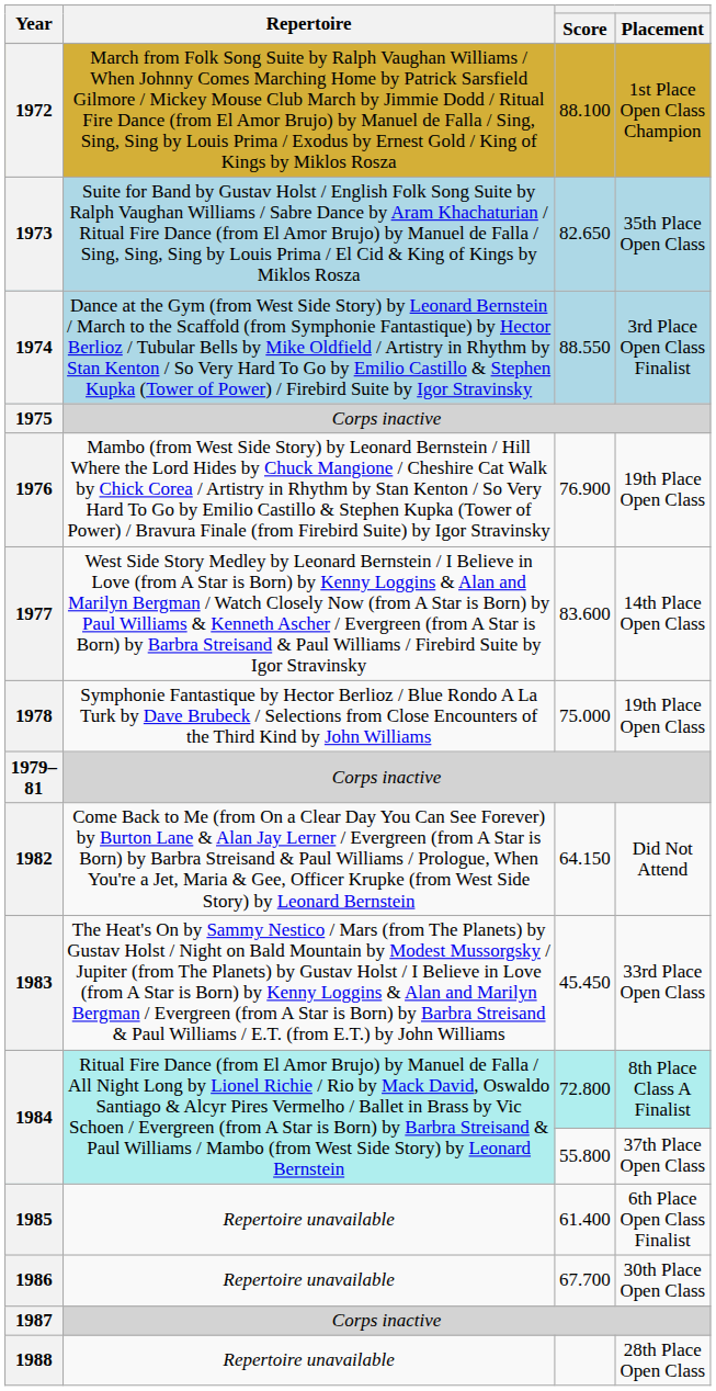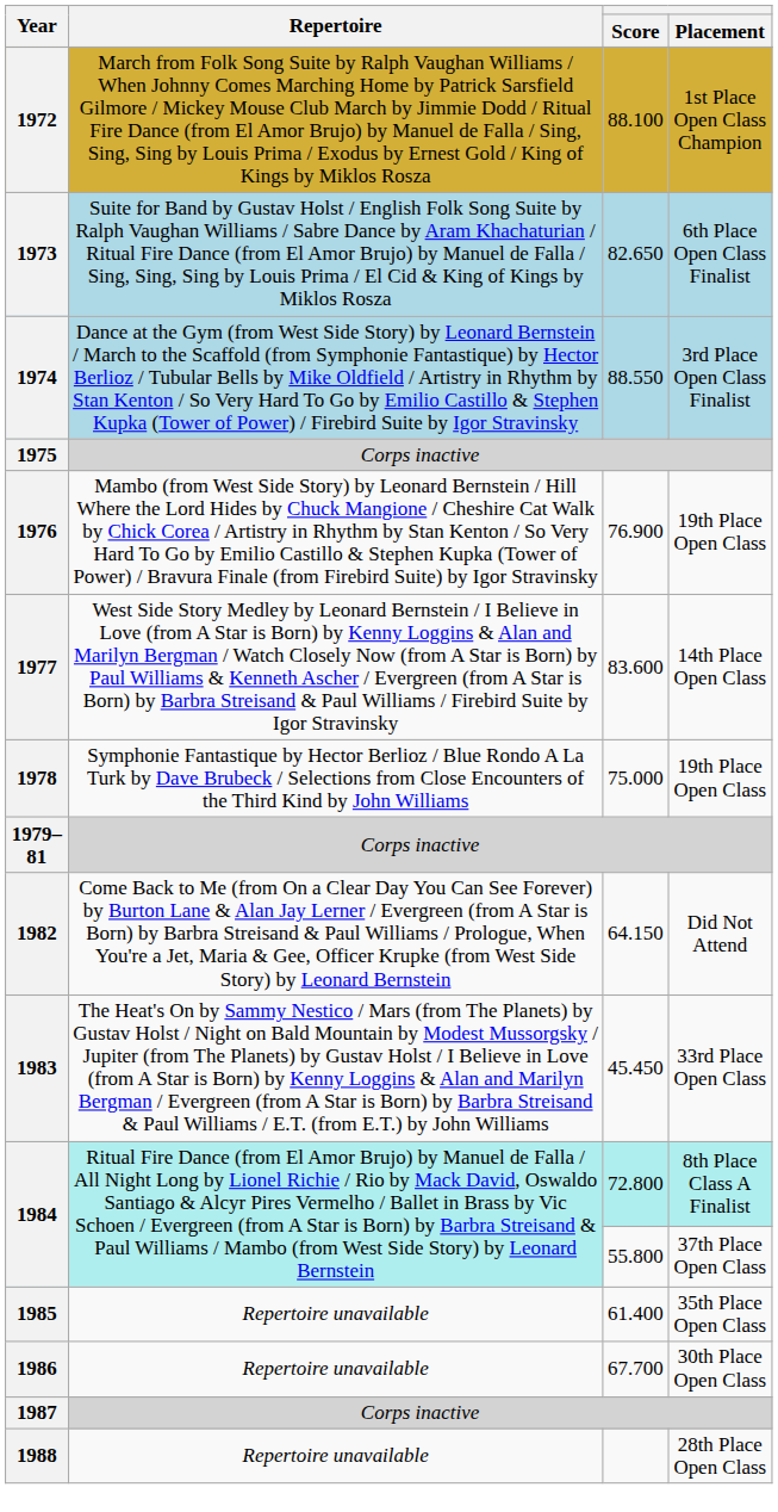 <table class="wikitable" style="text-align: center">
 <tr>
 <th scope="col" rowspan="2">Year</th>
 <th scope="col" rowspan="2">Repertoire</th>
 <th scope="col" colspan="2"></th>
 </tr>
 <tr>
 <th scope="col">Score</th>
 <th scope="col">Placement</th>
 </tr>
 <tr>
 </tr>
 <tr bgcolor=#D4AF37>
 <th scope="row">1972</th>
 <td>March from Folk Song Suite by Ralph Vaughan Williams / When Johnny Comes Marching Home by Patrick Sarsfield Gilmore / Mickey Mouse Club March by Jimmie Dodd / Ritual Fire Dance (from El Amor Brujo) by Manuel de Falla / Sing, Sing, Sing by Louis Prima / Exodus by Ernest Gold / King of Kings by Miklos Rosza</td>
 <td>88.100</td>
 <td>1st Place<br>Open Class<br>Champion</td>
 </tr>
 <tr bgcolor =#ADD8E6>
 <th scope="row">1973</th>
 <td>Suite for Band by Gustav Holst / English Folk Song Suite by Ralph Vaughan Williams / Sabre Dance by <a href='#'>Aram Khachaturian</a> / Ritual Fire Dance (from El Amor Brujo) by Manuel de Falla / Sing, Sing, Sing by Louis Prima / El Cid & King of Kings by Miklos Rosza</td>
 <td>82.650</td>
-<td>35th Place<br>Open Class</td>
+<td>6th Place<br>Open Class<br>Finalist</td>
 </tr>
 <tr bgcolor =#ADD8E6>
 <th scope="row">1974</th>
 <td>Dance at the Gym (from West Side Story) by <a href='#'>Leonard Bernstein</a> / March to the Scaffold (from Symphonie Fantastique) by <a href='#'>Hector Berlioz</a> / Tubular Bells by <a href='#'>Mike Oldfield</a> / Artistry in Rhythm by <a href='#'>Stan Kenton</a> / So Very Hard To Go by <a href='#'>Emilio Castillo</a> & <a href='#'>Stephen Kupka</a> (<a href='#'>Tower of Power</a>) / Firebird Suite by <a href='#'>Igor Stravinsky</a></td>
 <td>88.550</td>
 <td>3rd Place<br>Open Class<br>Finalist</td>
 </tr>
 <tr>
 <th scope="row">1975</th>
 <td colspan="3" bgcolor="lightgray"><em>Corps inactive</em></td>
 </tr>
 <tr>
 <th scope="row">1976</th>
 <td>Mambo (from West Side Story) by Leonard Bernstein / Hill Where the Lord Hides by <a href='#'>Chuck Mangione</a> / Cheshire Cat Walk by <a href='#'>Chick Corea</a> / Artistry in Rhythm by Stan Kenton / So Very Hard To Go by Emilio Castillo & Stephen Kupka (Tower of Power) / Bravura Finale (from Firebird Suite) by Igor Stravinsky</td>
 <td>76.900</td>
 <td>19th Place<br>Open Class</td>
 </tr>
 <tr>
 <th scope="row">1977</th>
 <td>West Side Story Medley by Leonard Bernstein / I Believe in Love (from A Star is Born) by <a href='#'>Kenny Loggins</a> & <a href='#'>Alan and Marilyn Bergman</a> / Watch Closely Now (from A Star is Born) by <a href='#'>Paul Williams</a> & <a href='#'>Kenneth Ascher</a> / Evergreen (from A Star is Born) by <a href='#'>Barbra Streisand</a> & Paul Williams / Firebird Suite by Igor Stravinsky</td>
 <td>83.600</td>
 <td>14th Place<br>Open Class</td>
 </tr>
 <tr>
 <th scope="row">1978</th>
 <td>Symphonie Fantastique by Hector Berlioz / Blue Rondo A La Turk by <a href='#'>Dave Brubeck</a> / Selections from Close Encounters of the Third Kind by <a href='#'>John Williams</a></td>
 <td>75.000</td>
 <td>19th Place<br>Open Class</td>
 </tr>
 <tr>
 <th scope="row">1979–81</th>
 <td colspan="3" bgcolor="lightgray"><em>Corps inactive</em></td>
 </tr>
 <tr>
 <th scope="row">1982</th>
 <td>Come Back to Me (from On a Clear Day You Can See Forever) by <a href='#'>Burton Lane</a> & <a href='#'>Alan Jay Lerner</a> / Evergreen (from A Star is Born) by Barbra Streisand & Paul Williams / Prologue, When You're a Jet, Maria & Gee, Officer Krupke (from West Side Story) by <a href='#'>Leonard Bernstein</a></td>
 <td>64.150</td>
 <td>Did Not Attend</td>
 </tr>
 <tr>
 <th scope="row">1983</th>
 <td>The Heat's On by <a href='#'>Sammy Nestico</a> / Mars (from The Planets) by Gustav Holst / Night on Bald Mountain by <a href='#'>Modest Mussorgsky</a> / Jupiter (from The Planets) by Gustav Holst / I Believe in Love (from A Star is Born) by <a href='#'>Kenny Loggins</a> & <a href='#'>Alan and Marilyn Bergman</a> / Evergreen (from A Star is Born) by <a href='#'>Barbra Streisand</a> & Paul Williams / E.T. (from E.T.) by John Williams</td>
 <td>45.450</td>
 <td>33rd Place<br>Open Class</td>
 </tr>
 <tr bgcolor=#AFEEEE>
 <th scope="row" rowspan="2">1984</th>
 <td rowspan="2">Ritual Fire Dance (from El Amor Brujo) by Manuel de Falla / All Night Long by <a href='#'>Lionel Richie</a> / Rio by <a href='#'>Mack David</a>, Oswaldo Santiago & Alcyr Pires Vermelho / Ballet in Brass by Vic Schoen / Evergreen (from A Star is Born) by <a href='#'>Barbra Streisand</a> & Paul Williams / Mambo (from West Side Story) by <a href='#'>Leonard Bernstein</a></td>
 <td>72.800</td>
 <td>8th Place<br>Class A<br>Finalist</td>
 </tr>
 <tr>
 <td>55.800</td>
 <td>37th Place<br>Open Class</td>
 </tr>
 <tr>
 <th scope="row">1985</th>
 <td><em>Repertoire unavailable</em></td>
 <td>61.400</td>
-<td>6th Place<br>Open Class<br>Finalist</td>
+<td>35th Place<br>Open Class</td>
 </tr>
 <tr>
 <th scope="row">1986</th>
 <td><em>Repertoire unavailable</em></td>
 <td>67.700</td>
 <td>30th Place<br>Open Class</td>
 </tr>
 <tr>
 <th scope="row">1987</th>
 <td colspan="3" bgcolor="lightgray"><em>Corps inactive</em></td>
 </tr>
 <tr>
 <th scope="row">1988</th>
 <td><em>Repertoire unavailable</em></td>
 <td></td>
 <td>28th Place<br>Open Class</td>
 </tr>
 </table>
